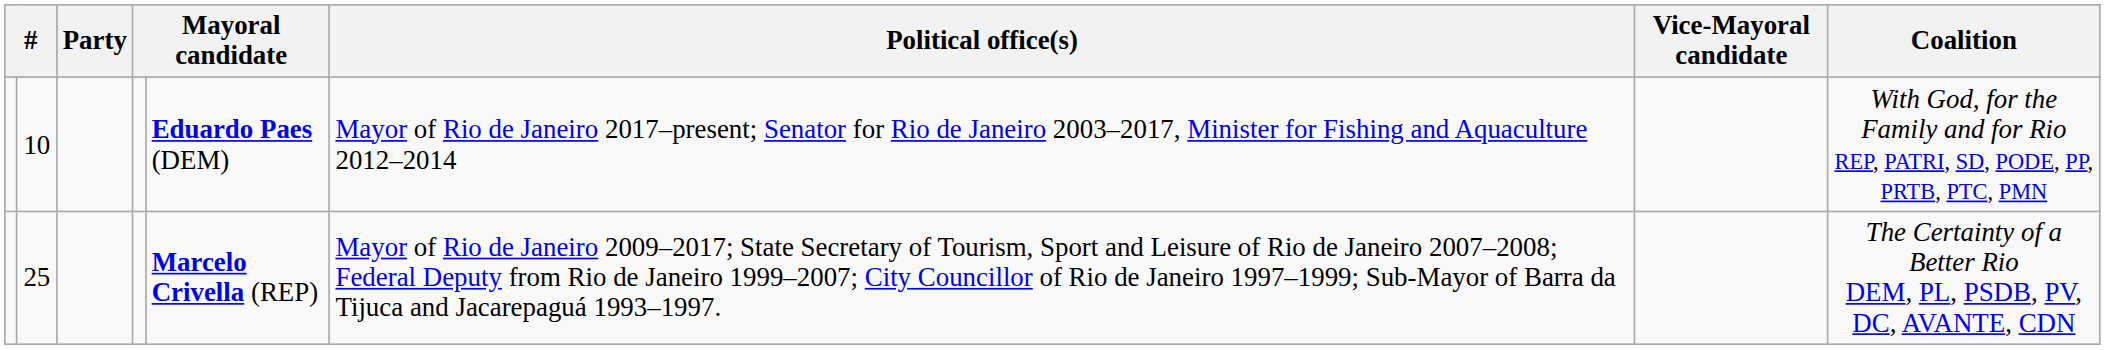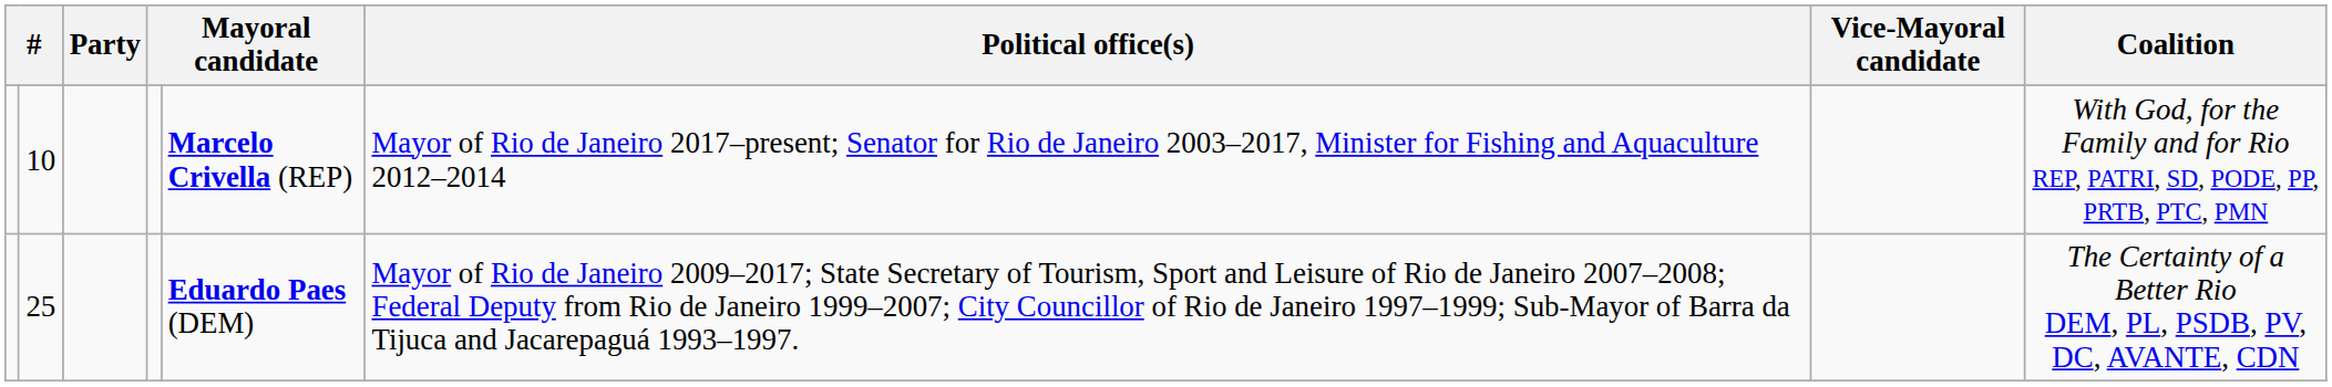 <table class="wikitable">
 <tr>
 <th colspan=2>#</th>
 <th>Party</th>
 <th colspan=2>Mayoral candidate</th>
 <th>Political office(s)</th>
 <th>Vice-Mayoral candidate</th>
 <th>Coalition</th>
 </tr>
 <tr>
 <td style="background:"></td>
 <td>10</td>
 <td></td>
 <td></td>
-<td><strong><a href='#'>Eduardo Paes</a></strong> (DEM)</td>
+<td><strong><a href='#'>Marcelo Crivella</a></strong> (REP)</td>
 <td><a href='#'>Mayor</a> of <a href='#'>Rio de Janeiro</a> 2017–present; <a href='#'>Senator</a> for <a href='#'>Rio de Janeiro</a> 2003–2017, <a href='#'>Minister for Fishing and Aquaculture</a> 2012–2014</td>
 <td></td>
 <td style="text-align:center;"><em>With God, for the Family and for Rio</em><br><small><a href='#'>REP</a>, <a href='#'>PATRI</a>, <a href='#'>SD</a>, <a href='#'>PODE</a>, <a href='#'>PP</a>, <a href='#'>PRTB</a>, <a href='#'>PTC</a>, <a href='#'>PMN</a></small></td>
 </tr>
 <tr>
 <td style="background:"></td>
 <td>25</td>
 <td></td>
 <td></td>
-<td><strong><a href='#'>Marcelo Crivella</a></strong> (REP)</td>
+<td><strong><a href='#'>Eduardo Paes</a></strong> (DEM)</td>
 <td><a href='#'>Mayor</a> of <a href='#'>Rio de Janeiro</a> 2009–2017; State Secretary of Tourism, Sport and Leisure of Rio de Janeiro 2007–2008; <a href='#'>Federal Deputy</a> from Rio de Janeiro 1999–2007; <a href='#'>City Councillor</a> of Rio de Janeiro 1997–1999; Sub-Mayor of Barra da Tijuca and Jacarepaguá 1993–1997.</td>
 <td></td>
 <td style="text-align:center;"><em>The Certainty of a Better Rio</em><br><a href='#'>DEM</a>, <a href='#'>PL</a>, <a href='#'>PSDB</a>, <a href='#'>PV</a>, <a href='#'>DC</a>, <a href='#'>AVANTE</a>, <a href='#'>CDN</a></td>
 </tr>
 </table>
